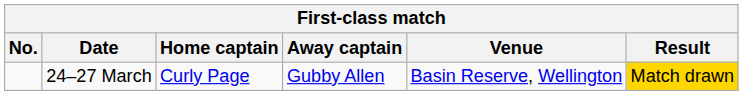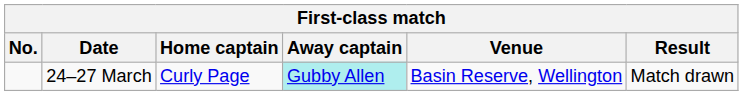 <table class="wikitable">
 <tr>
 <th colspan="9">First-class match</th>
 </tr>
 <tr>
 <th>No.</th>
 <th>Date</th>
 <th>Home captain</th>
 <th>Away captain</th>
 <th>Venue</th>
 <th>Result</th>
 </tr>
 <tr>
 <td></td>
 <td>24–27 March</td>
 <td><a href='#'>Curly Page</a></td>
-<td><a href='#'>Gubby Allen</a></td>
+<td style="background: paleturquoise;"><a href='#'>Gubby Allen</a></td>
 <td><a href='#'>Basin Reserve</a>, <a href='#'>Wellington</a></td>
-<td style="background: gold;">Match drawn</td>
+<td>Match drawn</td>
 </tr>
 </table>
